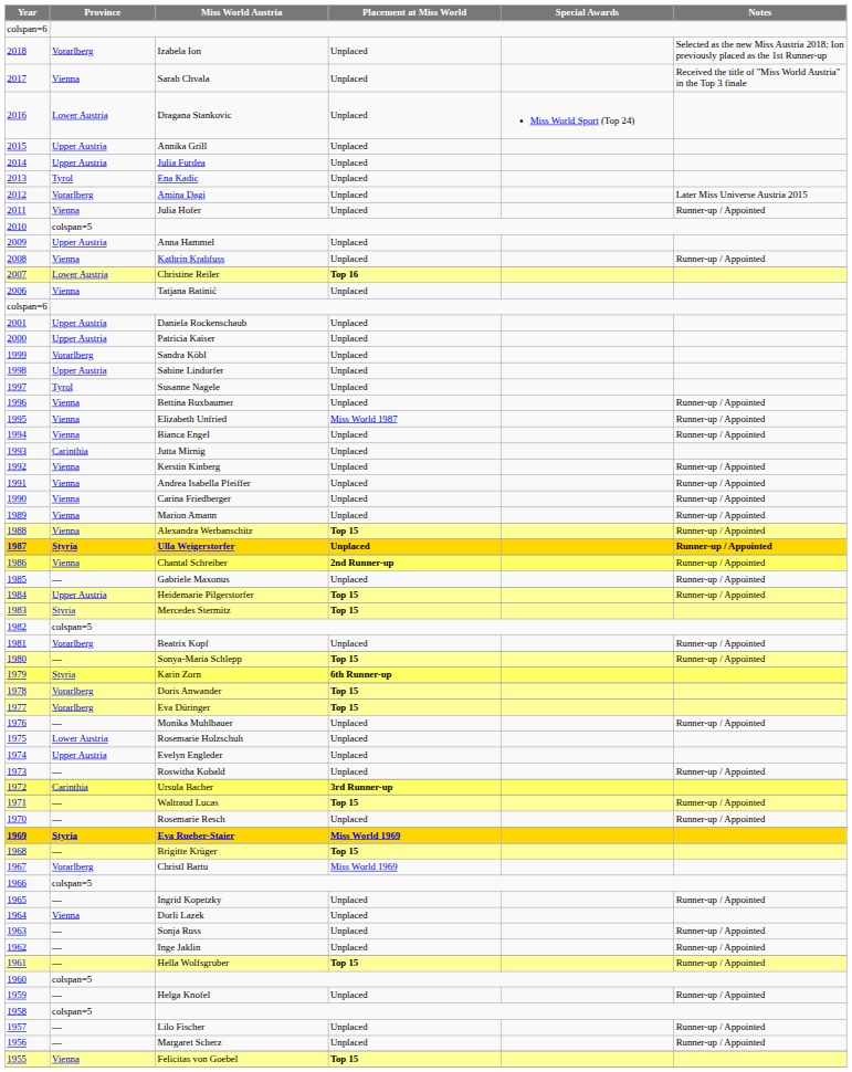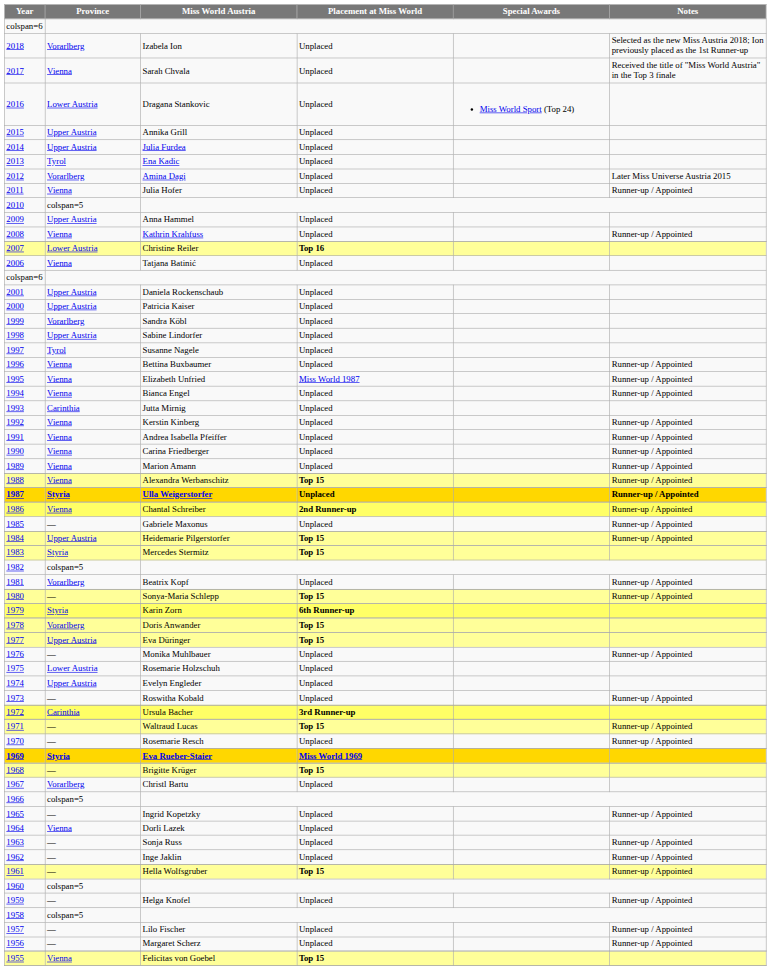 <table class="wikitable " style="font-size: 90%;">
 <tr>
 <th width="60" style="background-color:#787878;color:#FFFFFF;">Year</th>
 <th width="150" style="background-color:#787878;color:#FFFFFF;">Province</th>
 <th width="250" style="background-color:#787878;color:#FFFFFF;">Miss World Austria</th>
 <th width="250" style="background-color:#787878;color:#FFFFFF;">Placement at Miss World</th>
 <th width="250" style="background-color:#787878;color:#FFFFFF;">Special Awards</th>
 <th width="250" style="background-color:#787878;color:#FFFFFF;">Notes</th>
 </tr>
 <tr>
 <td>colspan=6 </td>
 </tr>
 <tr>
 <td><a href='#'>2018</a></td>
 <td><a href='#'>Vorarlberg</a></td>
 <td>Izabela Ion</td>
 <td>Unplaced</td>
 <td></td>
 <td>Selected as the new Miss Austria 2018; Ion previously placed as the 1st Runner-up</td>
 </tr>
 <tr>
 <td><a href='#'>2017</a></td>
 <td><a href='#'>Vienna</a></td>
 <td>Sarah Chvala</td>
 <td>Unplaced</td>
 <td></td>
 <td>Received the title of "Miss World Austria" in the Top 3 finale</td>
 </tr>
 <tr>
 <td><a href='#'>2016</a></td>
 <td><a href='#'>Lower Austria</a></td>
 <td>Dragana Stankovic</td>
 <td>Unplaced</td>
 <td align="left"><br><ul><li><a href='#'>Miss World Sport</a> (Top 24)</li></ul></td>
 <td></td>
 </tr>
 <tr>
 <td><a href='#'>2015</a></td>
 <td><a href='#'>Upper Austria</a></td>
 <td>Annika Grill</td>
 <td>Unplaced</td>
 <td></td>
 <td></td>
 </tr>
 <tr>
 <td><a href='#'>2014</a></td>
 <td><a href='#'>Upper Austria</a></td>
 <td><a href='#'>Julia Furdea</a></td>
 <td>Unplaced</td>
 <td></td>
 <td></td>
 </tr>
 <tr>
 <td><a href='#'>2013</a></td>
 <td><a href='#'>Tyrol</a></td>
 <td><a href='#'>Ena Kadic</a></td>
 <td>Unplaced</td>
 <td></td>
 <td></td>
 </tr>
 <tr>
 <td><a href='#'>2012</a></td>
 <td><a href='#'>Vorarlberg</a></td>
 <td><a href='#'>Amina Dagi</a></td>
 <td>Unplaced</td>
 <td></td>
 <td>Later Miss Universe Austria 2015</td>
 </tr>
 <tr>
 <td><a href='#'>2011</a></td>
 <td><a href='#'>Vienna</a></td>
 <td>Julia Hofer</td>
 <td>Unplaced</td>
 <td></td>
 <td>Runner-up / Appointed</td>
 </tr>
 <tr>
 <td><a href='#'>2010</a></td>
 <td>colspan=5 </td>
 </tr>
 <tr>
 <td><a href='#'>2009</a></td>
 <td><a href='#'>Upper Austria</a></td>
 <td>Anna Hammel</td>
 <td>Unplaced</td>
 <td></td>
 <td></td>
 </tr>
 <tr>
 <td><a href='#'>2008</a></td>
 <td><a href='#'>Vienna</a></td>
 <td><a href='#'>Kathrin Krahfuss</a></td>
 <td>Unplaced</td>
 <td></td>
 <td>Runner-up / Appointed</td>
 </tr>
 <tr>
 </tr>
 <tr style="background-color:#FFFF99;">
 <td><a href='#'>2007</a></td>
 <td><a href='#'>Lower Austria</a></td>
 <td>Christine Reiler</td>
 <td><strong>Top 16</strong></td>
 <td></td>
 <td></td>
 </tr>
 <tr>
 <td><a href='#'>2006</a></td>
 <td><a href='#'>Vienna</a></td>
 <td>Tatjana Batinić</td>
 <td>Unplaced</td>
 <td></td>
 <td></td>
 </tr>
 <tr>
 <td>colspan=6 </td>
 </tr>
 <tr>
 <td><a href='#'>2001</a></td>
 <td><a href='#'>Upper Austria</a></td>
 <td>Daniela Rockenschaub</td>
 <td>Unplaced</td>
 <td></td>
 <td></td>
 </tr>
 <tr>
 <td><a href='#'>2000</a></td>
 <td><a href='#'>Upper Austria</a></td>
 <td>Patricia Kaiser</td>
 <td>Unplaced</td>
 <td></td>
 <td></td>
 </tr>
 <tr>
 <td><a href='#'>1999</a></td>
 <td><a href='#'>Vorarlberg</a></td>
 <td>Sandra Köbl</td>
 <td>Unplaced</td>
 <td></td>
 <td></td>
 </tr>
 <tr>
 <td><a href='#'>1998</a></td>
 <td><a href='#'>Upper Austria</a></td>
 <td>Sabine Lindorfer</td>
 <td>Unplaced</td>
 <td></td>
 <td></td>
 </tr>
 <tr>
 <td><a href='#'>1997</a></td>
 <td><a href='#'>Tyrol</a></td>
 <td>Susanne Nagele</td>
 <td>Unplaced</td>
 <td></td>
 <td></td>
 </tr>
 <tr>
 <td><a href='#'>1996</a></td>
 <td><a href='#'>Vienna</a></td>
 <td>Bettina Buxbaumer</td>
 <td>Unplaced</td>
 <td></td>
 <td>Runner-up / Appointed</td>
 </tr>
 <tr>
 <td><a href='#'>1995</a></td>
 <td><a href='#'>Vienna</a></td>
 <td>Elizabeth Unfried</td>
 <td><a href='#'>Miss World 1987</a></td>
 <td></td>
 <td>Runner-up / Appointed</td>
 </tr>
 <tr>
 <td><a href='#'>1994</a></td>
 <td><a href='#'>Vienna</a></td>
 <td>Bianca Engel</td>
 <td>Unplaced</td>
 <td></td>
 <td>Runner-up / Appointed</td>
 </tr>
 <tr>
 <td><a href='#'>1993</a></td>
 <td><a href='#'>Carinthia</a></td>
 <td>Jutta Mirnig</td>
 <td>Unplaced</td>
 <td></td>
 <td></td>
 </tr>
 <tr>
 <td><a href='#'>1992</a></td>
 <td><a href='#'>Vienna</a></td>
 <td>Kerstin Kinberg</td>
 <td>Unplaced</td>
 <td></td>
 <td>Runner-up / Appointed</td>
 </tr>
 <tr>
 <td><a href='#'>1991</a></td>
 <td><a href='#'>Vienna</a></td>
 <td>Andrea Isabella Pfeiffer</td>
 <td>Unplaced</td>
 <td></td>
 <td>Runner-up / Appointed</td>
 </tr>
 <tr>
 <td><a href='#'>1990</a></td>
 <td><a href='#'>Vienna</a></td>
 <td>Carina Friedberger</td>
 <td>Unplaced</td>
 <td></td>
 <td>Runner-up / Appointed</td>
 </tr>
 <tr>
 <td><a href='#'>1989</a></td>
 <td><a href='#'>Vienna</a></td>
 <td>Marion Amann</td>
 <td>Unplaced</td>
 <td></td>
 <td>Runner-up / Appointed</td>
 </tr>
 <tr>
 </tr>
 <tr style="background-color:#FFFF99;">
 <td><a href='#'>1988</a></td>
 <td><a href='#'>Vienna</a></td>
 <td>Alexandra Werbanschitz</td>
 <td><strong>Top 15</strong></td>
 <td></td>
 <td>Runner-up / Appointed</td>
 </tr>
 <tr>
 </tr>
 <tr style="background-color:gold; font-weight: bold ">
 <td><a href='#'>1987</a></td>
 <td><a href='#'>Styria</a></td>
 <td><a href='#'>Ulla Weigerstorfer</a></td>
 <td>Unplaced</td>
 <td></td>
 <td>Runner-up / Appointed</td>
 </tr>
 <tr>
 </tr>
 <tr style="background-color:#FFFF66;">
 <td><a href='#'>1986</a></td>
 <td><a href='#'>Vienna</a></td>
 <td>Chantal Schreiber</td>
 <td><strong>2nd Runner-up</strong></td>
 <td></td>
 <td>Runner-up / Appointed</td>
 </tr>
 <tr>
 <td><a href='#'>1985</a></td>
 <td>—</td>
 <td>Gabriele Maxonus</td>
 <td>Unplaced</td>
 <td></td>
 <td>Runner-up / Appointed</td>
 </tr>
 <tr>
 </tr>
 <tr style="background-color:#FFFF99;">
 <td><a href='#'>1984</a></td>
 <td><a href='#'>Upper Austria</a></td>
 <td>Heidemarie Pilgerstorfer</td>
 <td><strong>Top 15</strong></td>
 <td></td>
 <td>Runner-up / Appointed</td>
 </tr>
 <tr>
 </tr>
 <tr style="background-color:#FFFF99;">
 <td><a href='#'>1983</a></td>
 <td><a href='#'>Styria</a></td>
 <td>Mercedes Stermitz</td>
 <td><strong>Top 15</strong></td>
 <td></td>
 <td></td>
 </tr>
 <tr>
 <td><a href='#'>1982</a></td>
 <td>colspan=5 </td>
 </tr>
 <tr>
 <td><a href='#'>1981</a></td>
 <td><a href='#'>Vorarlberg</a></td>
 <td>Beatrix Kopf</td>
 <td>Unplaced</td>
 <td></td>
 <td>Runner-up / Appointed</td>
 </tr>
 <tr>
 </tr>
 <tr style="background-color:#FFFF99;">
 <td><a href='#'>1980</a></td>
 <td>—</td>
 <td>Sonya-Maria Schlepp</td>
 <td><strong>Top 15</strong></td>
 <td></td>
 <td>Runner-up / Appointed</td>
 </tr>
 <tr>
 </tr>
 <tr style="background-color:#FFFF66;">
 <td><a href='#'>1979</a></td>
 <td><a href='#'>Styria</a></td>
 <td>Karin Zorn</td>
 <td><strong>6th Runner-up</strong></td>
 <td></td>
 <td></td>
 </tr>
 <tr>
 </tr>
 <tr style="background-color:#FFFF99;">
 <td><a href='#'>1978</a></td>
 <td><a href='#'>Vorarlberg</a></td>
 <td>Doris Anwander</td>
 <td><strong>Top 15</strong></td>
 <td></td>
 <td></td>
 </tr>
 <tr>
 </tr>
 <tr style="background-color:#FFFF99;">
 <td><a href='#'>1977</a></td>
-<td><a href='#'>Vorarlberg</a></td>
+<td><a href='#'>Upper Austria</a></td>
 <td>Eva Düringer</td>
 <td><strong>Top 15</strong></td>
 <td></td>
 <td></td>
 </tr>
 <tr>
 <td><a href='#'>1976</a></td>
 <td>—</td>
 <td>Monika Muhlbauer</td>
 <td>Unplaced</td>
 <td></td>
 <td>Runner-up / Appointed</td>
 </tr>
 <tr>
 <td><a href='#'>1975</a></td>
 <td><a href='#'>Lower Austria</a></td>
 <td>Rosemarie Holzschuh</td>
 <td>Unplaced</td>
 <td></td>
 <td></td>
 </tr>
 <tr>
 <td><a href='#'>1974</a></td>
 <td><a href='#'>Upper Austria</a></td>
 <td>Evelyn Engleder</td>
 <td>Unplaced</td>
 <td></td>
 <td></td>
 </tr>
 <tr>
 <td><a href='#'>1973</a></td>
 <td>—</td>
 <td>Roswitha Kobald</td>
 <td>Unplaced</td>
 <td></td>
 <td>Runner-up / Appointed</td>
 </tr>
 <tr>
 </tr>
 <tr style="background-color:#FFFF66;">
 <td><a href='#'>1972</a></td>
 <td><a href='#'>Carinthia</a></td>
 <td>Ursula Bacher</td>
 <td><strong>3rd Runner-up</strong></td>
 <td></td>
 <td></td>
 </tr>
 <tr>
 </tr>
 <tr style="background-color:#FFFF99;">
 <td><a href='#'>1971</a></td>
 <td>—</td>
 <td>Waltraud Lucas</td>
 <td><strong>Top 15</strong></td>
 <td></td>
 <td>Runner-up / Appointed</td>
 </tr>
 <tr>
 <td><a href='#'>1970</a></td>
 <td>—</td>
 <td>Rosemarie Resch</td>
 <td>Unplaced</td>
 <td></td>
 <td>Runner-up / Appointed</td>
 </tr>
 <tr>
 </tr>
 <tr style="background-color:gold; font-weight: bold ">
 <td><a href='#'>1969</a></td>
 <td><a href='#'>Styria</a></td>
 <td><a href='#'>Eva Rueber-Staier</a></td>
 <td><a href='#'>Miss World 1969</a></td>
 <td></td>
 <td></td>
 </tr>
 <tr>
 </tr>
 <tr style="background-color:#FFFF99;">
 <td><a href='#'>1968</a></td>
 <td>—</td>
 <td>Brigitte Krüger</td>
 <td><strong>Top 15</strong></td>
 <td></td>
 <td></td>
 </tr>
 <tr>
 <td><a href='#'>1967</a></td>
 <td><a href='#'>Vorarlberg</a></td>
 <td>Christl Bartu</td>
-<td><a href='#'>Miss World 1969</a></td>
+<td>Unplaced</td>
 <td></td>
 <td></td>
 </tr>
 <tr>
 <td><a href='#'>1966</a></td>
 <td>colspan=5 </td>
 </tr>
 <tr>
 <td><a href='#'>1965</a></td>
 <td>—</td>
 <td>Ingrid Kopetzky</td>
 <td>Unplaced</td>
 <td></td>
 <td>Runner-up / Appointed</td>
 </tr>
 <tr>
 <td><a href='#'>1964</a></td>
 <td><a href='#'>Vienna</a></td>
 <td>Dorli Lazek</td>
 <td>Unplaced</td>
 <td></td>
 <td></td>
 </tr>
 <tr>
 <td><a href='#'>1963</a></td>
 <td>—</td>
 <td>Sonja Russ</td>
 <td>Unplaced</td>
 <td></td>
 <td>Runner-up / Appointed</td>
 </tr>
 <tr>
 <td><a href='#'>1962</a></td>
 <td>—</td>
 <td>Inge Jaklin</td>
 <td>Unplaced</td>
 <td></td>
 <td>Runner-up / Appointed</td>
 </tr>
 <tr>
 </tr>
 <tr style="background-color:#FFFF99;">
 <td><a href='#'>1961</a></td>
 <td>—</td>
 <td>Hella Wolfsgruber</td>
 <td><strong>Top 15</strong></td>
 <td></td>
 <td>Runner-up / Appointed</td>
 </tr>
 <tr>
 <td><a href='#'>1960</a></td>
 <td>colspan=5 </td>
 </tr>
 <tr>
 <td><a href='#'>1959</a></td>
 <td>—</td>
 <td>Helga Knofel</td>
 <td>Unplaced</td>
 <td></td>
 <td>Runner-up / Appointed</td>
 </tr>
 <tr>
 <td><a href='#'>1958</a></td>
 <td>colspan=5 </td>
 </tr>
 <tr>
 <td><a href='#'>1957</a></td>
 <td>—</td>
 <td>Lilo Fischer</td>
 <td>Unplaced</td>
 <td></td>
 <td>Runner-up / Appointed</td>
 </tr>
 <tr>
 <td><a href='#'>1956</a></td>
 <td>—</td>
 <td>Margaret Scherz</td>
 <td>Unplaced</td>
 <td></td>
 <td>Runner-up / Appointed</td>
 </tr>
 <tr>
 </tr>
 <tr style="background-color:#FFFF99; ">
 <td><a href='#'>1955</a></td>
 <td><a href='#'>Vienna</a></td>
 <td>Felicitas von Goebel</td>
 <td><strong>Top 15</strong></td>
 <td></td>
 <td></td>
 </tr>
 <tr>
 </tr>
 </table>
